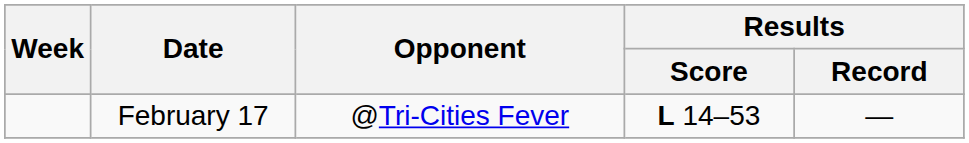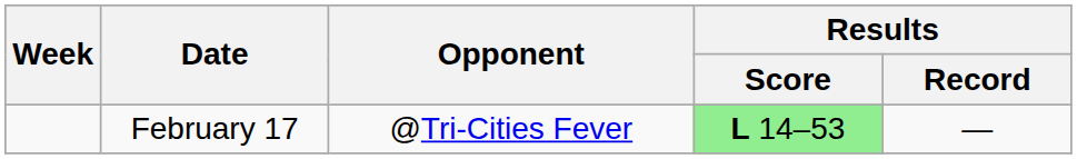 <table class="wikitable" style="text-align:center">
 <tr>
 <th rowspan="2" width="40">Week</th>
 <th rowspan="2" width="110">Date</th>
 <th rowspan="2" width="180">Opponent</th>
 <th colspan="2" width="180">Results</th>
 </tr>
 <tr>
 <th width="90">Score</th>
 <th width="90">Record</th>
 </tr>
 <tr>
 <td></td>
 <td>February 17</td>
 <td>@<a href='#'>Tri-Cities Fever</a></td>
-<td><strong>L</strong> 14–53</td>
+<td style="background: lightgreen;"><strong>L</strong> 14–53</td>
 <td>—</td>
 </tr>
 </table>
